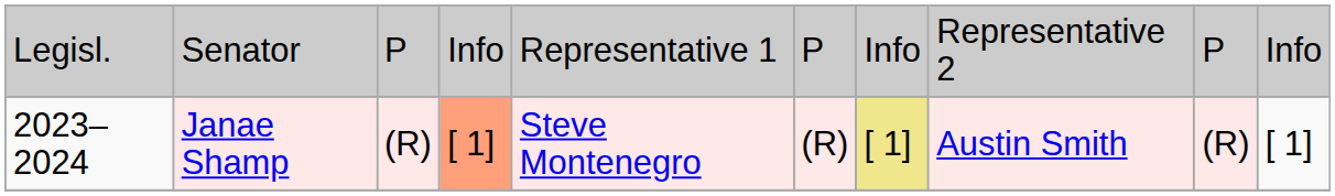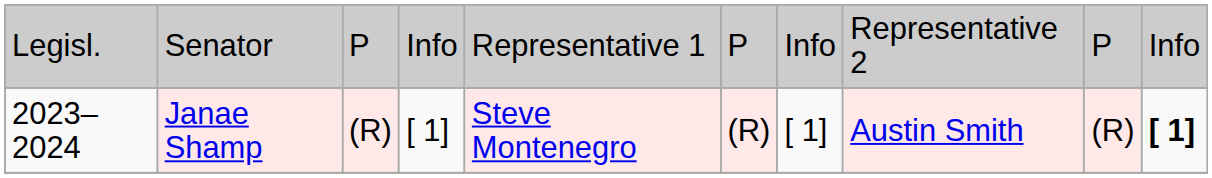 <table class=wikitable width="100%" border="1">
 <tr style="background-color:#cccccc;">
 <td>Legisl.</td>
 <td>Senator</td>
 <td>P</td>
 <td>Info</td>
 <td>Representative 1</td>
 <td>P</td>
 <td>Info</td>
 <td>Representative 2</td>
 <td>P</td>
 <td>Info</td>
 </tr>
 <tr>
 <td>2023–2024</td>
 <td style="background:#FFE8E8"><a href='#'>Janae Shamp</a></td>
 <td style="background:#FFE8E8">(R)</td>
-<td style="background: lightsalmon;">[ 1]</td>
+<td>[ 1]</td>
 <td style="background:#FFE8E8"><a href='#'>Steve Montenegro</a></td>
 <td style="background:#FFE8E8">(R)</td>
-<td style="background: khaki;">[ 1]</td>
+<td>[ 1]</td>
 <td style="background:#FFE8E8"><a href='#'>Austin Smith</a></td>
 <td style="background:#FFE8E8">(R)</td>
-<td>[ 1]</td>
+<td><strong>[ 1]</strong></td>
 </tr>
 <tr>
 </tr>
 </table>
